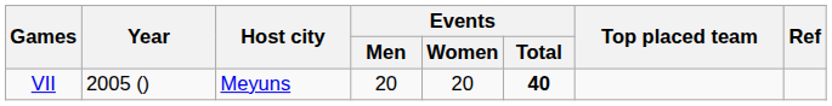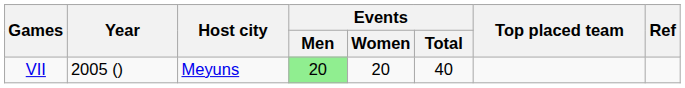 <table class=wikitable style="text-align:center;">
 <tr>
 <th rowspan="2" width=25>Games</th>
 <th rowspan="2" width=100>Year</th>
 <th rowspan="2" width=100>Host city</th>
 <th colspan="3">Events</th>
 <th rowspan="2" width=160>Top placed team</th>
 <th rowspan="2" width=25>Ref</th>
 </tr>
 <tr>
 <th width=50>Men</th>
 <th width=50>Women</th>
 <th width=50>Total</th>
 </tr>
 <tr>
 <td><a href='#'>VII</a></td>
 <td align=left>2005 ()</td>
 <td align=left><a href='#'>Meyuns</a></td>
+<td style="background: lightgreen;">20</td>
 <td>20</td>
-<td>20</td>
-<td><strong>40</strong></td>
+<td>40</td>
 <td align=left></td>
 <td></td>
 </tr>
 </table>
